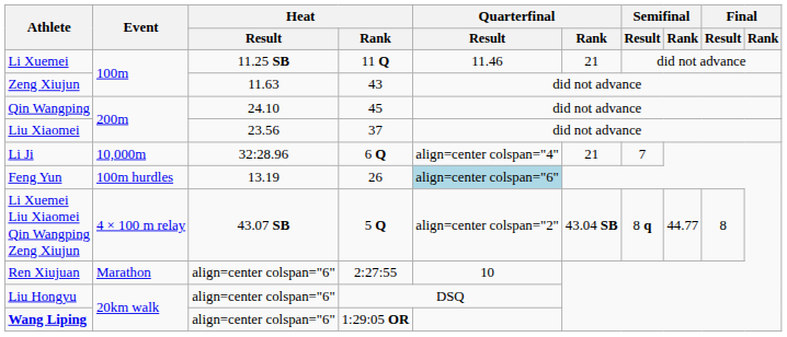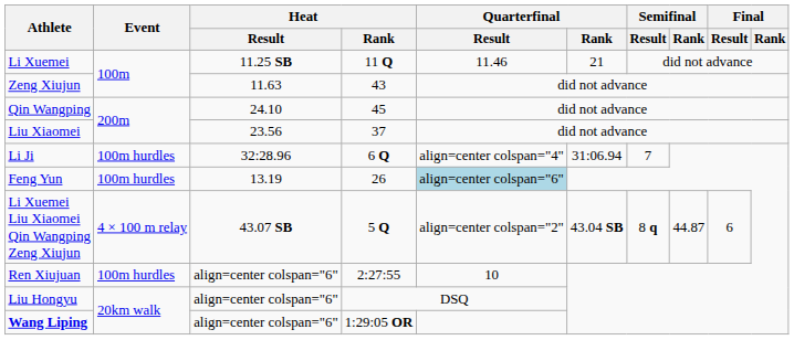 <table class=wikitable style="font-size:90%">
 <tr>
 <th rowspan="2">Athlete</th>
 <th rowspan="2">Event</th>
 <th colspan="2">Heat</th>
 <th colspan="2">Quarterfinal</th>
 <th colspan="2">Semifinal</th>
 <th colspan="2">Final</th>
 </tr>
 <tr style="font-size:95%">
 <th>Result</th>
 <th>Rank</th>
 <th>Result</th>
 <th>Rank</th>
 <th>Result</th>
 <th>Rank</th>
 <th>Result</th>
 <th>Rank</th>
 </tr>
 <tr>
 <td align=left><a href='#'>Li Xuemei</a></td>
 <td align=left rowspan=2><a href='#'>100m</a></td>
 <td align=center>11.25 <strong>SB</strong></td>
 <td align=center>11 <strong>Q</strong></td>
 <td align=center>11.46</td>
 <td align=center>21</td>
 <td align=center colspan="4">did not advance</td>
 </tr>
 <tr>
 <td align=left><a href='#'>Zeng Xiujun</a></td>
 <td align=center>11.63</td>
 <td align=center>43</td>
 <td align=center colspan="6">did not advance</td>
 </tr>
 <tr>
 <td align=left><a href='#'>Qin Wangping</a></td>
 <td align=left rowspan=2><a href='#'>200m</a></td>
 <td align=center>24.10</td>
 <td align=center>45</td>
 <td align=center colspan="6">did not advance</td>
 </tr>
 <tr>
 <td align=left><a href='#'>Liu Xiaomei</a></td>
 <td align=center>23.56</td>
 <td align=center>37</td>
 <td align=center colspan="6">did not advance</td>
 </tr>
 <tr>
 <td align=left><a href='#'>Li Ji</a></td>
-<td align=left><a href='#'>10,000m</a></td>
+<td align=left><a href='#'>100m hurdles</a></td>
 <td align=center>32:28.96</td>
 <td align=center>6 <strong>Q</strong></td>
 <td>align=center colspan="4" </td>
-<td align=center>21</td>
+<td align=center>31:06.94</td>
 <td align=center>7</td>
 </tr>
 <tr>
 <td align=left><a href='#'>Feng Yun</a></td>
 <td align=left><a href='#'>100m hurdles</a></td>
 <td align=center>13.19</td>
 <td align=center>26</td>
 <td style="background: lightblue;">align=center colspan="6" </td>
 </tr>
 <tr>
 <td align=left><a href='#'>Li Xuemei</a><br> <a href='#'>Liu Xiaomei</a><br> <a href='#'>Qin Wangping</a><br> <a href='#'>Zeng Xiujun</a></td>
 <td align=left><a href='#'>4 × 100 m relay</a></td>
 <td align=center>43.07 <strong>SB</strong></td>
 <td align=center>5 <strong>Q</strong></td>
 <td>align=center colspan="2" </td>
 <td align=center>43.04 <strong>SB</strong></td>
 <td align=center>8 <strong>q</strong></td>
-<td align=center>44.77</td>
-<td align=center>8</td>
+<td align=center>44.87</td>
+<td align=center>6</td>
 </tr>
 <tr>
 <td align=left><a href='#'>Ren Xiujuan</a></td>
-<td align=left><a href='#'>Marathon</a></td>
+<td align=left><a href='#'>100m hurdles</a></td>
 <td>align=center colspan="6" </td>
 <td align=center>2:27:55</td>
 <td align=center>10</td>
 </tr>
 <tr>
 <td align=left><a href='#'>Liu Hongyu</a></td>
 <td align=left rowspan=2><a href='#'>20km walk</a></td>
 <td>align=center colspan="6" </td>
 <td align=center colspan=2>DSQ</td>
 </tr>
 <tr>
 <td align=left><strong><a href='#'>Wang Liping</a></strong></td>
 <td>align=center colspan="6" </td>
 <td align=center>1:29:05 <strong>OR</strong></td>
 <td align=center></td>
 </tr>
 </table>
